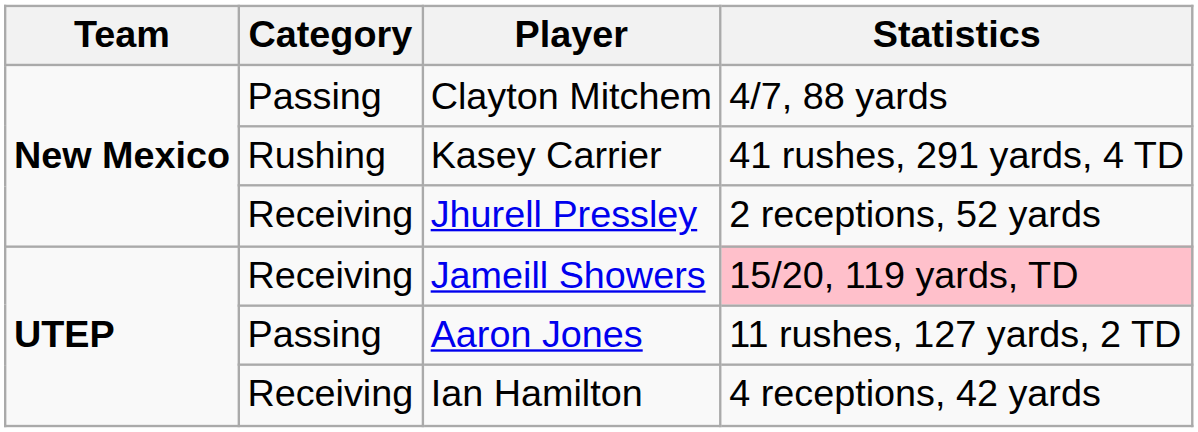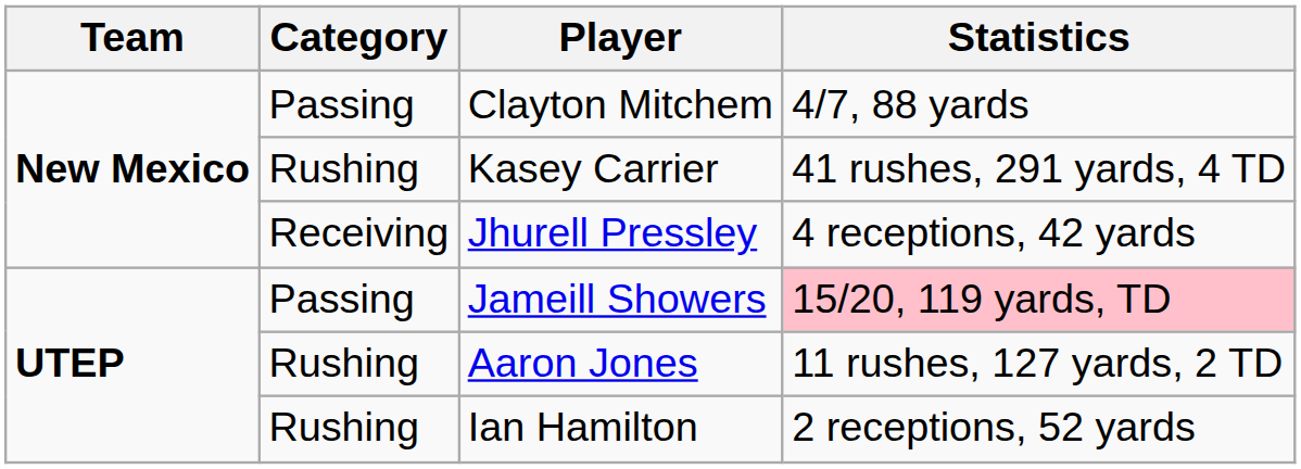 <table class="wikitable" style="float: left;">
 <tr>
 <th>Team</th>
 <th>Category</th>
 <th>Player</th>
 <th>Statistics</th>
 </tr>
 <tr>
 <td rowspan=3><strong>New Mexico</strong></td>
 <td>Passing</td>
 <td>Clayton Mitchem</td>
 <td>4/7, 88 yards</td>
 </tr>
 <tr>
 <td>Rushing</td>
 <td>Kasey Carrier</td>
 <td>41 rushes, 291 yards, 4 TD</td>
 </tr>
 <tr>
 <td>Receiving</td>
 <td><a href='#'>Jhurell Pressley</a></td>
-<td>2 receptions, 52 yards</td>
+<td>4 receptions, 42 yards</td>
 </tr>
 <tr>
 <td rowspan=3><strong>UTEP</strong></td>
-<td>Receiving</td>
+<td>Passing</td>
 <td><a href='#'>Jameill Showers</a></td>
 <td style="background: pink;">15/20, 119 yards, TD</td>
 </tr>
 <tr>
-<td>Passing</td>
+<td>Rushing</td>
 <td><a href='#'>Aaron Jones</a></td>
 <td>11 rushes, 127 yards, 2 TD</td>
 </tr>
 <tr>
-<td>Receiving</td>
+<td>Rushing</td>
 <td>Ian Hamilton</td>
-<td>4 receptions, 42 yards</td>
+<td>2 receptions, 52 yards</td>
 </tr>
 </table>
